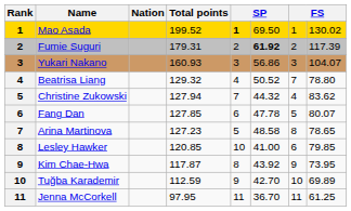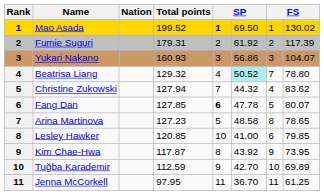 <table class="wikitable">
 <tr>
 <th>Rank</th>
 <th>Name</th>
 <th>Nation</th>
 <th>Total points</th>
 <th colspan="2" width="80px"><a href='#'>SP</a></th>
 <th colspan="2" width="80px"><a href='#'>FS</a></th>
 </tr>
 <tr bgcolor="gold">
 <td align="center"><strong>1</strong></td>
 <td><a href='#'>Mao Asada</a></td>
 <td></td>
 <td>199.52</td>
 <td><strong>1</strong></td>
 <td>69.50</td>
 <td>1</td>
 <td>130.02</td>
 </tr>
 <tr bgcolor="silver">
 <td align="center"><strong>2</strong></td>
 <td><a href='#'>Fumie Suguri</a></td>
 <td></td>
 <td>179.31</td>
 <td>2</td>
-<td><strong>61.92</strong></td>
+<td>61.92</td>
 <td>2</td>
 <td>117.39</td>
 </tr>
 <tr bgcolor="cc9966">
 <td align="center"><strong>3</strong></td>
 <td><a href='#'>Yukari Nakano</a></td>
 <td></td>
 <td>160.93</td>
 <td>3</td>
 <td>56.86</td>
 <td>3</td>
 <td>104.07</td>
 </tr>
 <tr>
 <th>4</th>
 <td><a href='#'>Beatrisa Liang</a></td>
 <td></td>
 <td>129.32</td>
 <td>4</td>
-<td>50.52</td>
+<td style="background: paleturquoise;">50.52</td>
 <td>7</td>
 <td>78.80</td>
 </tr>
 <tr>
 <th>5</th>
 <td><a href='#'>Christine Zukowski</a></td>
 <td></td>
 <td>127.94</td>
 <td>7</td>
 <td>44.32</td>
 <td>4</td>
 <td>83.62</td>
 </tr>
 <tr>
 <th>6</th>
 <td><a href='#'>Fang Dan</a></td>
 <td></td>
 <td>127.85</td>
-<td>6</td>
+<td><strong>6</strong></td>
 <td>47.78</td>
 <td>5</td>
 <td>80.07</td>
 </tr>
 <tr>
 <th>7</th>
 <td><a href='#'>Arina Martinova</a></td>
 <td></td>
 <td>127.23</td>
 <td>5</td>
 <td>48.58</td>
 <td>8</td>
 <td>78.65</td>
 </tr>
 <tr>
 <th>8</th>
 <td><a href='#'>Lesley Hawker</a></td>
 <td></td>
 <td>120.85</td>
 <td>10</td>
 <td>41.00</td>
 <td>6</td>
 <td>79.85</td>
 </tr>
 <tr>
 <th>9</th>
 <td><a href='#'>Kim Chae-Hwa</a></td>
 <td></td>
 <td>117.87</td>
 <td>8</td>
 <td>43.92</td>
 <td>9</td>
 <td>73.95</td>
 </tr>
 <tr>
 <th>10</th>
 <td><a href='#'>Tuğba Karademir</a></td>
 <td></td>
 <td>112.59</td>
 <td>9</td>
 <td>42.70</td>
 <td>10</td>
 <td>69.89</td>
 </tr>
 <tr>
 <th>11</th>
 <td><a href='#'>Jenna McCorkell</a></td>
 <td></td>
 <td>97.95</td>
 <td>11</td>
 <td>36.70</td>
 <td>11</td>
 <td>61.25</td>
 </tr>
 </table>
